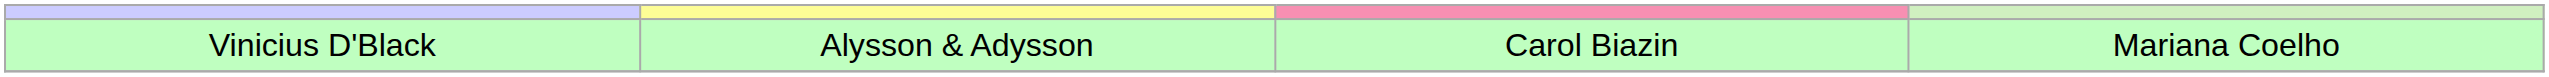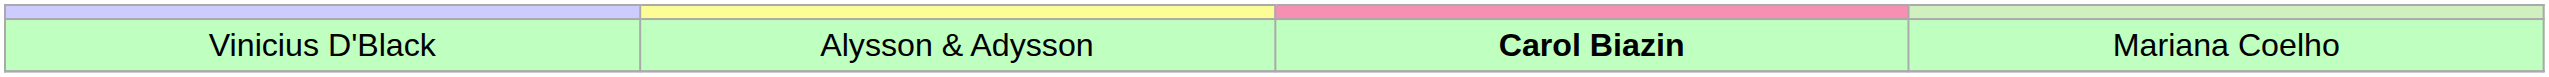 <table class="wikitable"  style="text-align:center; font-size:100%; width:100%;">
 <tr>
 <td scope="col" width="25%" bgcolor=CCCCFF><strong></strong></td>
 <td scope="col" width="25%" bgcolor=FDFD96><strong></strong></td>
 <td scope="col" width="25%" bgcolor=F78FB2><strong></strong></td>
 <td scope="col" width="25%" bgcolor=D0F0C0><strong></strong></td>
 </tr>
 <tr>
 <td bgcolor=BFFFC0>Vinicius D'Black</td>
 <td bgcolor=BFFFC0>Alysson & Adysson</td>
-<td bgcolor=BFFFC0>Carol Biazin</td>
+<td bgcolor=BFFFC0><strong>Carol Biazin</strong></td>
 <td bgcolor=BFFFC0>Mariana Coelho</td>
 </tr>
 <tr>
 </tr>
 </table>
